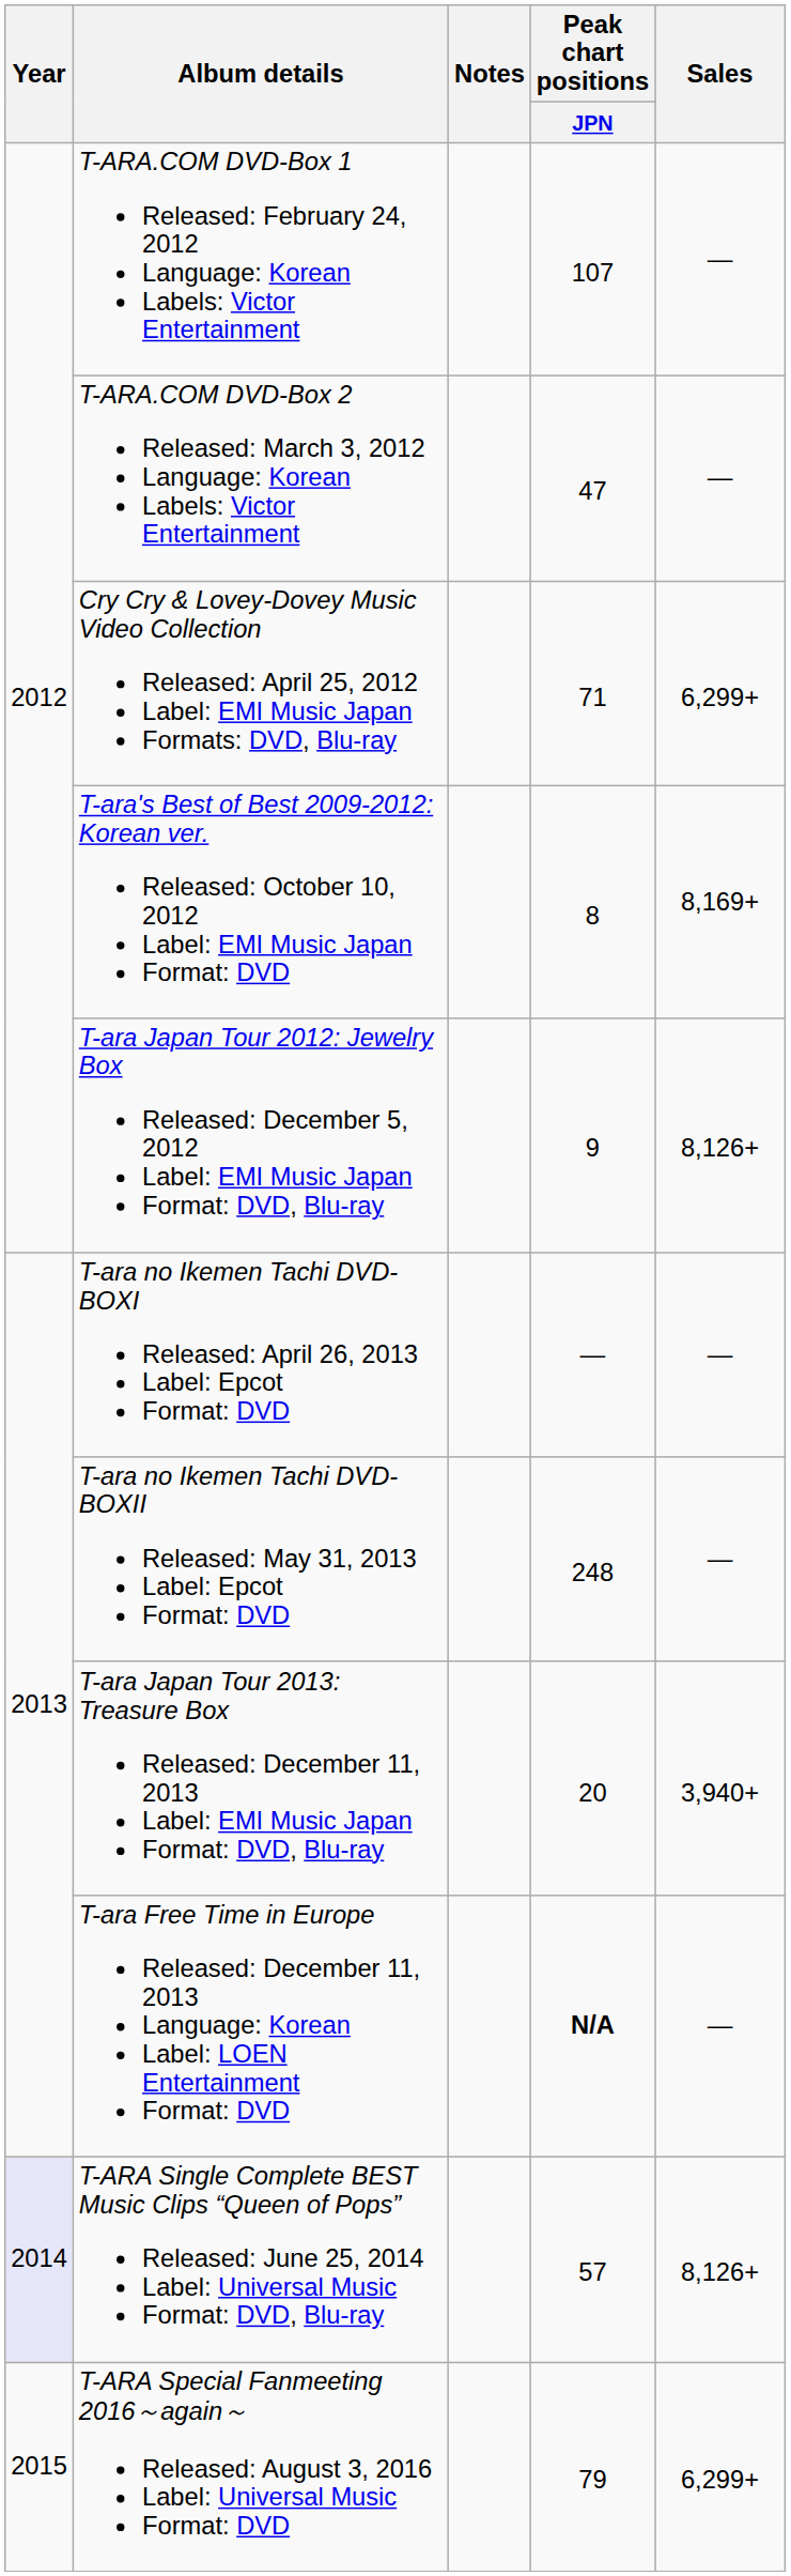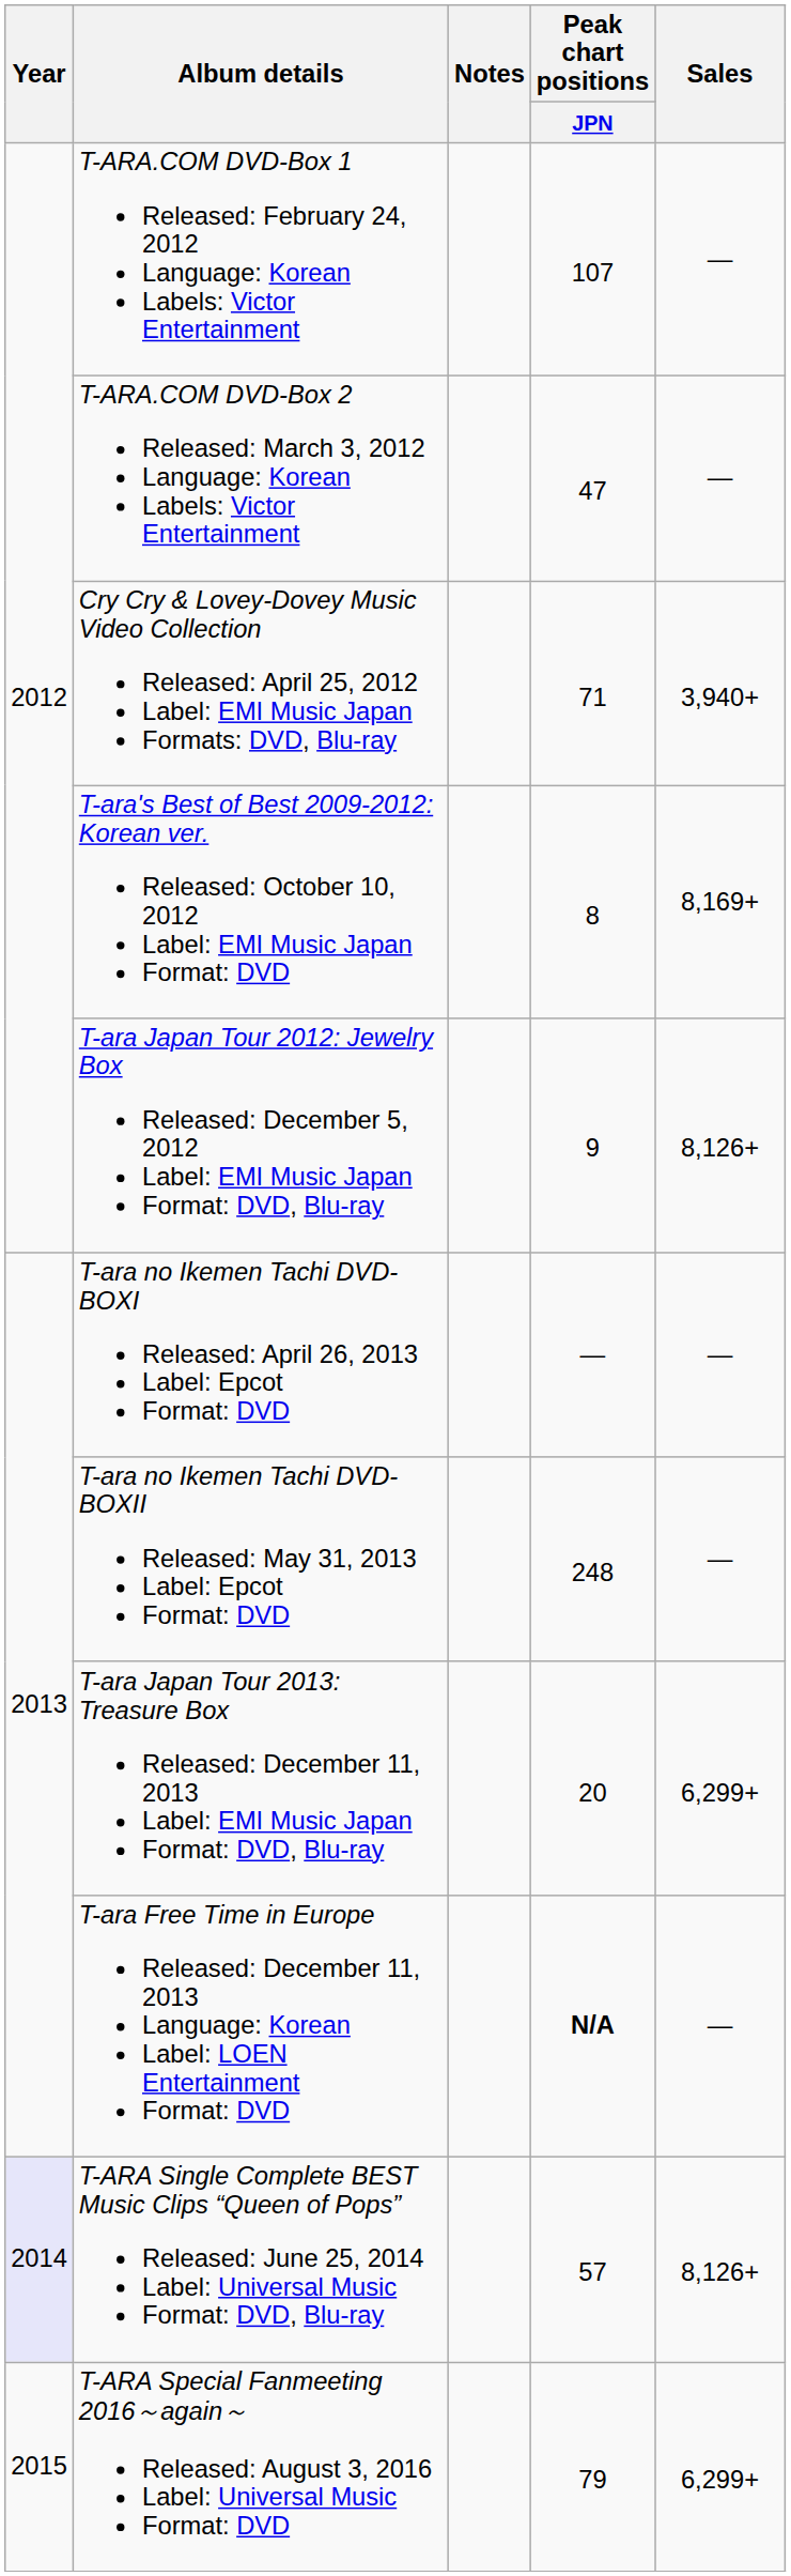 <table class="wikitable" style="text-align:center;">
 <tr>
 <th rowspan="2">Year</th>
 <th style="width:230px;" rowspan="2">Album details</th>
 <th rowspan="2">Notes</th>
 <th scope="col" rowspan="1">Peak chart positions</th>
 <th scope="col" rowspan="2" width="75">Sales</th>
 </tr>
 <tr>
 <th width="30"><small><a href='#'>JPN</a></small><br></th>
 </tr>
 <tr>
 <td rowspan="5">2012</td>
 <td align=left><em>T-ARA.COM DVD-Box 1</em><br><ul><li>Released: February 24, 2012</li><li>Language: <a href='#'>Korean</a></li><li>Labels: <a href='#'>Victor Entertainment</a></li></ul></td>
 <td></td>
 <td><br>107</td>
 <td>—</td>
 </tr>
 <tr>
 <td align=left><em>T-ARA.COM DVD-Box 2</em><br><ul><li>Released: March 3, 2012</li><li>Language: <a href='#'>Korean</a></li><li>Labels: <a href='#'>Victor Entertainment</a></li></ul></td>
 <td></td>
 <td><br>47</td>
 <td>—</td>
 </tr>
 <tr>
 <td align=left><em>Cry Cry & Lovey-Dovey Music Video Collection</em><br><ul><li>Released: April 25, 2012</li><li>Label: <a href='#'>EMI Music Japan</a></li><li>Formats: <a href='#'>DVD</a>, <a href='#'>Blu-ray</a></li></ul></td>
 <td></td>
 <td><br>71</td>
-<td><br>6,299+</td>
+<td><br>3,940+</td>
 </tr>
 <tr>
 <td align=left><em><a href='#'>T-ara's Best of Best 2009-2012: Korean ver.</a></em><br><ul><li>Released: October 10, 2012</li><li>Label: <a href='#'>EMI Music Japan</a></li><li>Format: <a href='#'>DVD</a></li></ul></td>
 <td></td>
 <td><br>8</td>
 <td>8,169+</td>
 </tr>
 <tr>
 <td align=left><em><a href='#'>T-ara Japan Tour 2012: Jewelry Box</a></em><br><ul><li>Released: December 5, 2012</li><li>Label: <a href='#'>EMI Music Japan</a></li><li>Format: <a href='#'>DVD</a>, <a href='#'>Blu-ray</a></li></ul></td>
 <td></td>
 <td><br>9</td>
 <td><br>8,126+</td>
 </tr>
 <tr>
 <td rowspan="4">2013</td>
 <td align=left><em>T-ara no Ikemen Tachi DVD-BOXI</em><br><ul><li>Released: April 26, 2013</li><li>Label: Epcot</li><li>Format: <a href='#'>DVD</a></li></ul></td>
 <td></td>
 <td>—</td>
 <td>—</td>
 </tr>
 <tr>
 <td align=left><em>T-ara no Ikemen Tachi DVD-BOXII</em><br><ul><li>Released: May 31, 2013</li><li>Label: Epcot</li><li>Format: <a href='#'>DVD</a></li></ul></td>
 <td></td>
 <td><br>248</td>
 <td>—</td>
 </tr>
 <tr>
 <td align=left><em>T-ara Japan Tour 2013: Treasure Box</em><br><ul><li>Released: December 11, 2013</li><li>Label: <a href='#'>EMI Music Japan</a></li><li>Format: <a href='#'>DVD</a>, <a href='#'>Blu-ray</a></li></ul></td>
 <td></td>
 <td><br>20</td>
-<td><br>3,940+</td>
+<td><br>6,299+</td>
 </tr>
 <tr>
 <td align=left><em>T-ara Free Time in Europe</em><br><ul><li>Released: December 11, 2013</li><li>Language: <a href='#'>Korean</a></li><li>Label: <a href='#'>LOEN Entertainment</a></li><li>Format: <a href='#'>DVD</a></li></ul></td>
 <td></td>
 <td><strong>N/A</strong></td>
 <td>—</td>
 </tr>
 <tr>
 <td style="background: lavender;">2014</td>
 <td align=left><em>T-ARA Single Complete BEST Music Clips “Queen of Pops”</em><br><ul><li>Released: June 25, 2014</li><li>Label: <a href='#'>Universal Music</a></li><li>Format: <a href='#'>DVD</a>, <a href='#'>Blu-ray</a></li></ul></td>
 <td></td>
 <td><br>57</td>
 <td><br>8,126+</td>
 </tr>
 <tr>
 <td>2015</td>
 <td align=left><em>T-ARA Special Fanmeeting 2016～again～</em><br><ul><li>Released: August 3, 2016</li><li>Label: <a href='#'>Universal Music</a></li><li>Format: <a href='#'>DVD</a></li></ul></td>
 <td></td>
 <td><br>79</td>
 <td><br>6,299+</td>
 </tr>
 <tr>
 </tr>
 </table>
